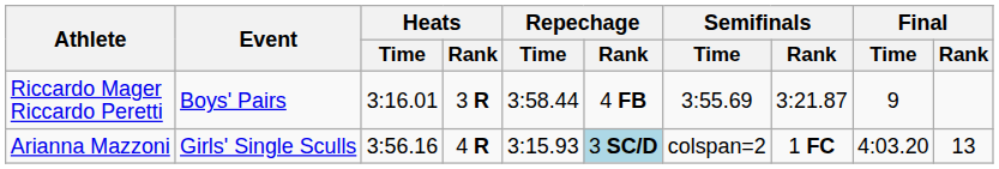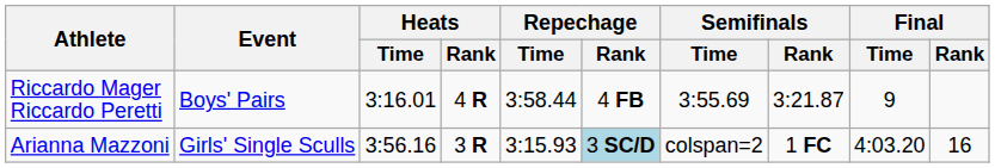 <table class="wikitable" style="font-size:90%">
 <tr>
 <th rowspan="2">Athlete</th>
 <th rowspan="2">Event</th>
 <th colspan="2">Heats</th>
 <th colspan="2">Repechage</th>
 <th colspan="2">Semifinals</th>
 <th colspan="2">Final</th>
 </tr>
 <tr style="font-size:95%">
 <th>Time</th>
 <th>Rank</th>
 <th>Time</th>
 <th>Rank</th>
 <th>Time</th>
 <th>Rank</th>
 <th>Time</th>
 <th>Rank</th>
 </tr>
 <tr align=center>
 <td align=left><a href='#'>Riccardo Mager</a><br><a href='#'>Riccardo Peretti</a></td>
 <td align=left><a href='#'>Boys' Pairs</a></td>
 <td>3:16.01</td>
-<td>3 <strong>R</strong></td>
+<td>4 <strong>R</strong></td>
 <td>3:58.44</td>
 <td>4 <strong>FB</strong></td>
 <td>3:55.69</td>
 <td>3:21.87</td>
 <td>9</td>
 </tr>
 <tr align=center>
 <td align=left><a href='#'>Arianna Mazzoni</a></td>
 <td align=left><a href='#'>Girls' Single Sculls</a></td>
 <td>3:56.16</td>
-<td>4 <strong>R</strong></td>
+<td>3 <strong>R</strong></td>
 <td>3:15.93</td>
 <td style="background: lightblue;">3 <strong>SC/D</strong></td>
 <td>colspan=2 </td>
 <td>1 <strong>FC</strong></td>
 <td>4:03.20</td>
-<td>13</td>
+<td>16</td>
 </tr>
 </table>
